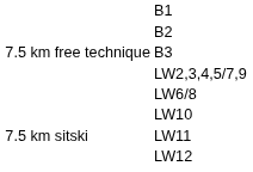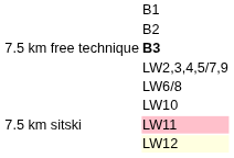 <table>
 <tr>
 <td rowspan="5">7.5 km free technique</td>
 <td>B1<br></td>
 <td></td>
 <td></td>
 <td></td>
 </tr>
 <tr>
 <td>B2<br></td>
 <td></td>
 <td></td>
 <td></td>
 </tr>
 <tr>
-<td>B3<br></td>
+<td><strong>B3<br></strong></td>
 <td></td>
 <td></td>
 <td></td>
 </tr>
 <tr>
 <td>LW2,3,4,5/7,9<br></td>
 <td></td>
 <td></td>
 <td></td>
 </tr>
 <tr>
 <td>LW6/8<br></td>
 <td></td>
 <td></td>
 <td></td>
 </tr>
 <tr>
 <td rowspan="3">7.5 km sitski</td>
 <td>LW10<br></td>
 <td></td>
 <td></td>
 <td></td>
 </tr>
 <tr>
-<td>LW11<br></td>
+<td style="background: pink;">LW11<br></td>
 <td></td>
 <td></td>
 <td></td>
 </tr>
 <tr>
-<td>LW12<br></td>
+<td style="background: lightyellow;">LW12<br></td>
 <td></td>
 <td></td>
 <td></td>
 </tr>
 </table>
